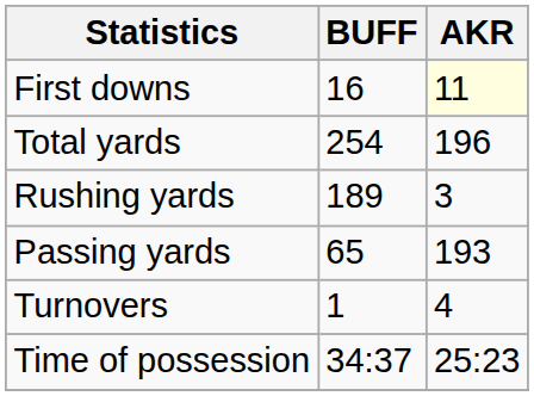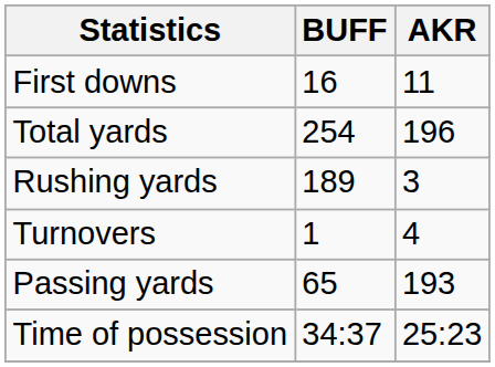 <table class="wikitable">
 <tr>
 <th>Statistics</th>
 <th>BUFF</th>
 <th>AKR</th>
 </tr>
 <tr>
 <td>First downs</td>
 <td>16</td>
-<td style="background: lightyellow;">11</td>
+<td>11</td>
 </tr>
 <tr>
 <td>Total yards</td>
 <td>254</td>
 <td>196</td>
 </tr>
 <tr>
 <td>Rushing yards</td>
 <td>189</td>
 <td>3</td>
 </tr>
 <tr>
+<td>Turnovers</td>
+<td>1</td>
+<td>4</td>
+</tr>
+<tr>
 <td>Passing yards</td>
 <td>65</td>
 <td>193</td>
-</tr>
-<tr>
-<td>Turnovers</td>
-<td>1</td>
-<td>4</td>
 </tr>
 <tr>
 <td>Time of possession</td>
 <td>34:37</td>
 <td>25:23</td>
 </tr>
 <tr>
 </tr>
 </table>
